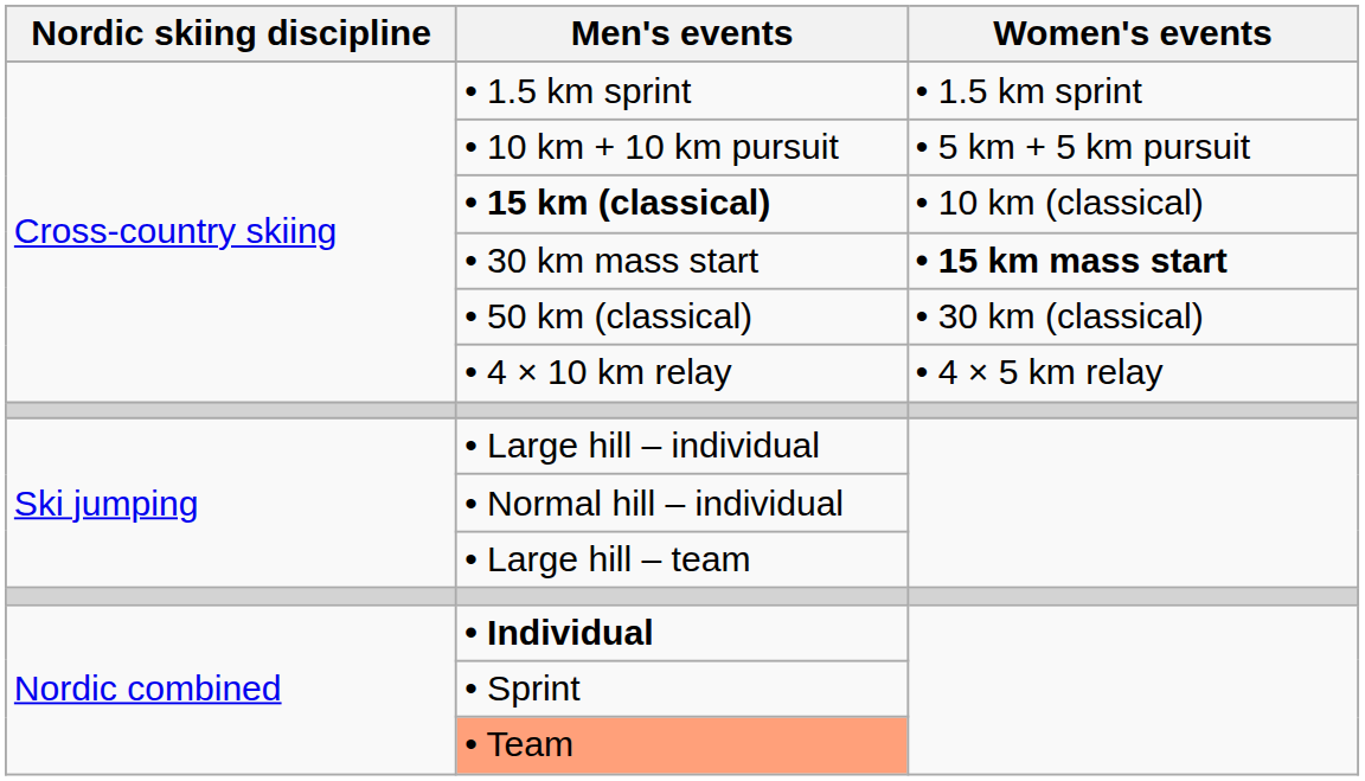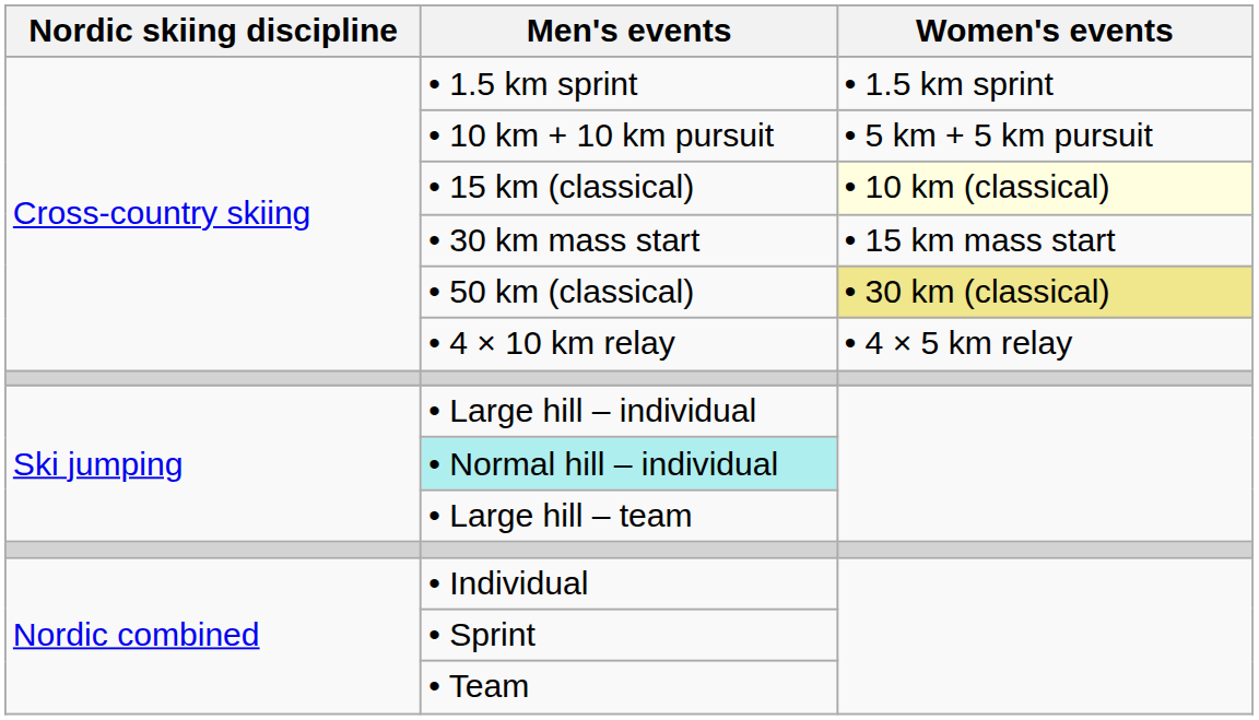 <table class="wikitable">
 <tr>
 <th width=200!>Nordic skiing discipline</th>
 <th width=200!>Men's events</th>
 <th width=200!>Women's events</th>
 </tr>
 <tr>
 <td rowspan=6><a href='#'>Cross-country skiing</a></td>
 <td>• 1.5 km sprint</td>
 <td>• 1.5 km sprint</td>
 </tr>
 <tr>
 <td>• 10 km + 10 km pursuit</td>
 <td>• 5 km + 5 km pursuit</td>
 </tr>
 <tr>
-<td><strong>• 15 km (classical)</strong></td>
-<td>• 10 km (classical)</td>
+<td>• 15 km (classical)</td>
+<td style="background: lightyellow;">• 10 km (classical)</td>
 </tr>
 <tr>
 <td>• 30 km mass start</td>
-<td><strong>• 15 km mass start</strong></td>
+<td>• 15 km mass start</td>
 </tr>
 <tr>
 <td>• 50 km (classical)</td>
-<td>• 30 km (classical)</td>
+<td style="background: khaki;">• 30 km (classical)</td>
 </tr>
 <tr>
 <td>• 4 × 10 km relay</td>
 <td>• 4 × 5 km relay</td>
 </tr>
 <tr bgcolor=lightgray>
 <td></td>
 <td></td>
 <td></td>
 </tr>
 <tr>
 <td rowspan=3><a href='#'>Ski jumping</a></td>
 <td>• Large hill – individual</td>
 <td rowspan=3></td>
 </tr>
 <tr>
-<td>• Normal hill – individual</td>
+<td style="background: paleturquoise;">• Normal hill – individual</td>
 </tr>
 <tr>
 <td>• Large hill – team</td>
 </tr>
 <tr bgcolor=lightgray>
 <td></td>
 <td></td>
 <td></td>
 </tr>
 <tr>
 <td rowspan=3><a href='#'>Nordic combined</a></td>
-<td><strong>• Individual</strong></td>
+<td>• Individual</td>
 <td rowspan=3></td>
 </tr>
 <tr>
 <td>• Sprint</td>
 </tr>
 <tr>
-<td style="background: lightsalmon;">• Team</td>
+<td>• Team</td>
 </tr>
 </table>
